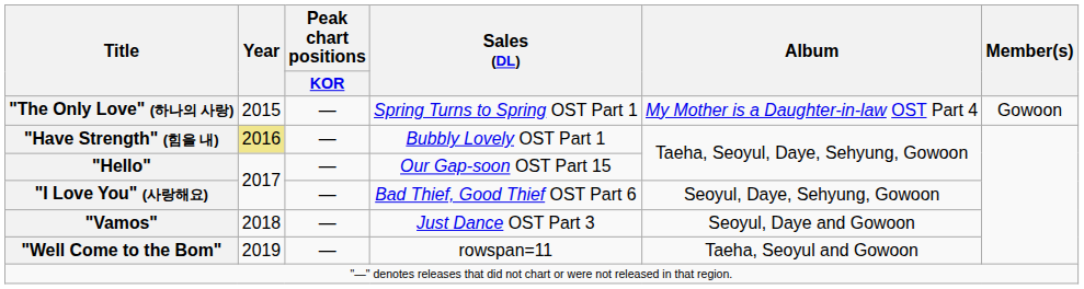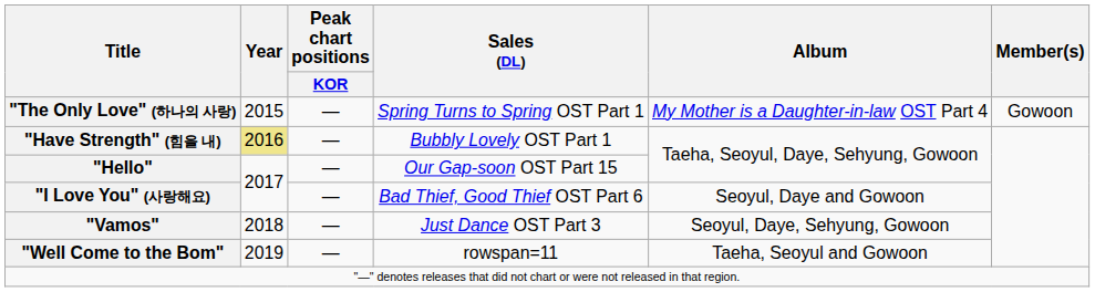 <table class="wikitable plainrowheaders" style="text-align:center;" border="1">
 <tr>
 <th scope="col" rowspan="2">Title</th>
 <th scope="col" rowspan="2">Year</th>
 <th scope="col" colspan="1">Peak chart positions</th>
 <th scope="col" rowspan="2">Sales<br><small>(<a href='#'>DL</a>)</small></th>
 <th scope="col" rowspan="2">Album</th>
 <th scope="col" rowspan="2">Member(s)</th>
 </tr>
 <tr>
 <th scope="col" style="width:3em;font-size:90%;"><a href='#'>KOR</a><br></th>
 </tr>
 <tr>
 <th scope=row>"The Only Love" <small>(하나의 사랑)</small></th>
 <td>2015</td>
 <td>—</td>
 <td><em><a href='#'>Spring Turns to Spring</a></em> OST Part 1</td>
 <td><em><a href='#'>My Mother is a Daughter-in-law</a></em> <a href='#'>OST</a> Part 4</td>
 <td>Gowoon</td>
 </tr>
 <tr>
 <th scope=row>"Have Strength" <small>(힘을 내)</small></th>
 <td style="background: khaki;">2016</td>
 <td>—</td>
 <td><em><a href='#'>Bubbly Lovely</a></em> OST Part 1</td>
 <td rowspan=2>Taeha, Seoyul, Daye, Sehyung, Gowoon</td>
 </tr>
 <tr>
 <th scope=row>"Hello"</th>
 <td rowspan=2>2017</td>
 <td>—</td>
 <td><em><a href='#'>Our Gap-soon</a></em> OST Part 15</td>
 </tr>
 <tr>
 <th scope=row>"I Love You" <small>(사랑해요)</small></th>
 <td>—</td>
 <td><em><a href='#'>Bad Thief, Good Thief</a></em> OST Part 6</td>
-<td>Seoyul, Daye, Sehyung, Gowoon</td>
+<td>Seoyul, Daye and Gowoon</td>
 </tr>
 <tr>
 <th scope=row>"Vamos"</th>
 <td>2018</td>
 <td>—</td>
 <td><em><a href='#'>Just Dance</a></em> OST Part 3</td>
-<td>Seoyul, Daye and Gowoon</td>
+<td>Seoyul, Daye, Sehyung, Gowoon</td>
 </tr>
 <tr>
 <th scope=row>"Well Come to the Bom"</th>
 <td>2019</td>
 <td>—</td>
 <td>rowspan=11 </td>
 <td>Taeha, Seoyul and Gowoon</td>
 </tr>
 <tr>
 <td colspan="6" style="font-size:8pt;">"—" denotes releases that did not chart or were not released in that region.</td>
 </tr>
 </table>
